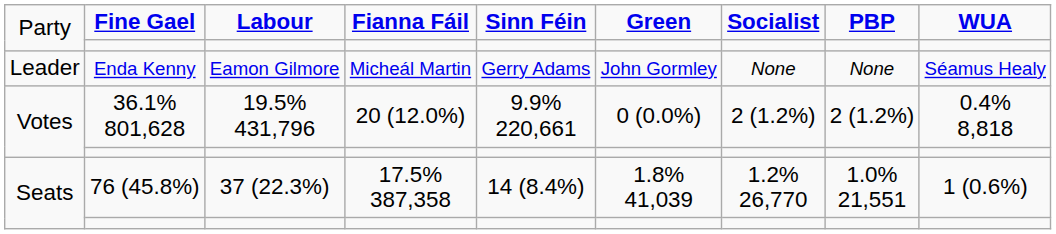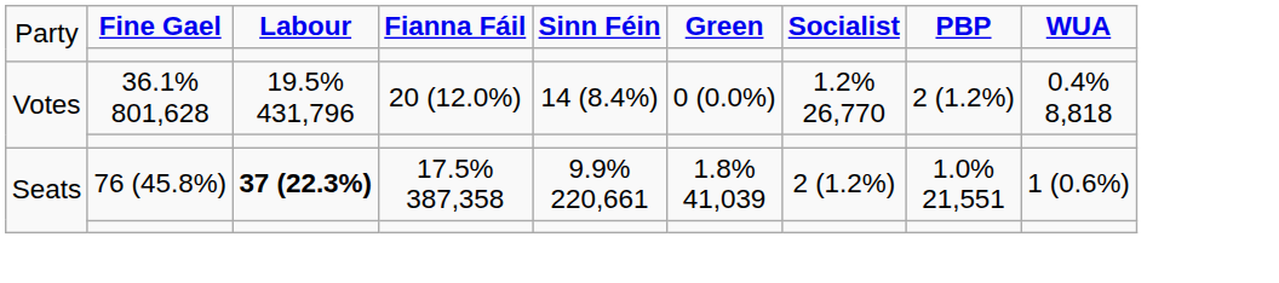 <table class=wikitable style="text-align:center;">
 <tr>
 <td rowspan=2>Party</td>
 <td><strong><a href='#'>Fine Gael</a></strong></td>
 <td><strong><a href='#'>Labour</a></strong></td>
 <td><strong><a href='#'>Fianna Fáil</a></strong></td>
 <td><strong><a href='#'>Sinn Féin</a></strong></td>
 <td><strong><a href='#'>Green</a></strong></td>
 <td><strong><a href='#'>Socialist</a></strong></td>
 <td><strong><a href='#'>PBP</a></strong></td>
 <td><strong><a href='#'>WUA</a></strong></td>
 </tr>
 <tr>
 <td style="background:"></td>
 <td style="background:"></td>
 <td style="background:"></td>
 <td style="background:"></td>
 <td style="background:"></td>
 <td style="background:"></td>
 <td style="background:"></td>
 <td style="background:"></td>
 </tr>
 <tr>
-<td>Leader</td>
-<td><small><a href='#'>Enda Kenny</a></small></td>
-<td><small><a href='#'>Eamon Gilmore</a></small></td>
-<td><small><a href='#'>Micheál Martin</a></small></td>
-<td><small><a href='#'>Gerry Adams</a></small></td>
-<td><small><a href='#'>John Gormley</a></small></td>
-<td><small><em>None</em></small></td>
-<td><small><em>None</em></small></td>
-<td><small><a href='#'>Séamus Healy</a></small></td>
-</tr>
-<tr>
 <td rowspan=2>Votes</td>
 <td>36.1%<br>801,628</td>
 <td>19.5%<br>431,796</td>
 <td>20 (12.0%)</td>
-<td>9.9%<br>220,661</td>
+<td>14 (8.4%)</td>
 <td>0 (0.0%)</td>
-<td>2 (1.2%)</td>
+<td>1.2%<br>26,770</td>
 <td>2 (1.2%)</td>
 <td>0.4%<br>8,818</td>
 </tr>
 <tr>
 <td></td>
 <td></td>
 <td></td>
 <td></td>
 <td></td>
 <td></td>
 <td></td>
 <td></td>
 </tr>
 <tr>
 <td rowspan=2>Seats</td>
 <td>76 (45.8%)</td>
-<td>37 (22.3%)</td>
+<td><strong>37 (22.3%)</strong></td>
 <td>17.5%<br>387,358</td>
-<td>14 (8.4%)</td>
+<td>9.9%<br>220,661</td>
 <td>1.8%<br>41,039</td>
-<td>1.2%<br>26,770</td>
+<td>2 (1.2%)</td>
 <td>1.0%<br>21,551</td>
 <td>1 (0.6%)</td>
 </tr>
 <tr>
 <td></td>
 <td></td>
 <td></td>
 <td></td>
 <td></td>
 <td></td>
 <td></td>
 <td></td>
 </tr>
 </table>
